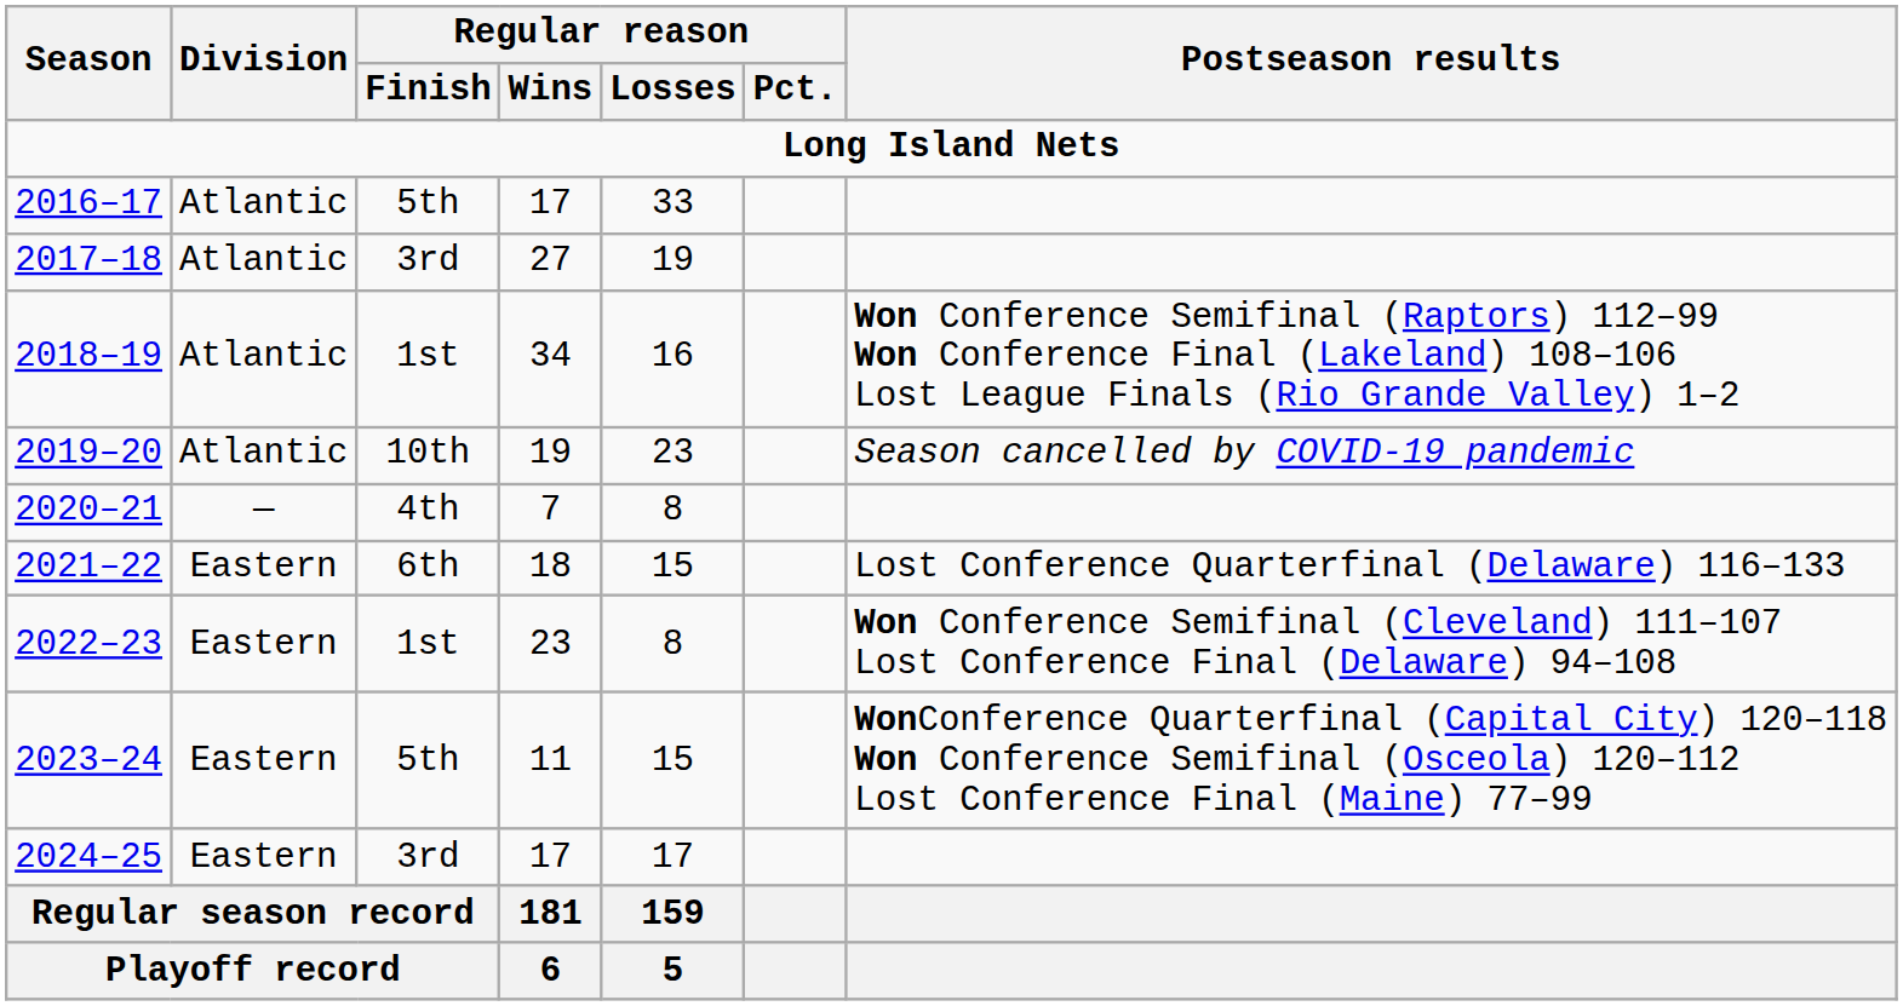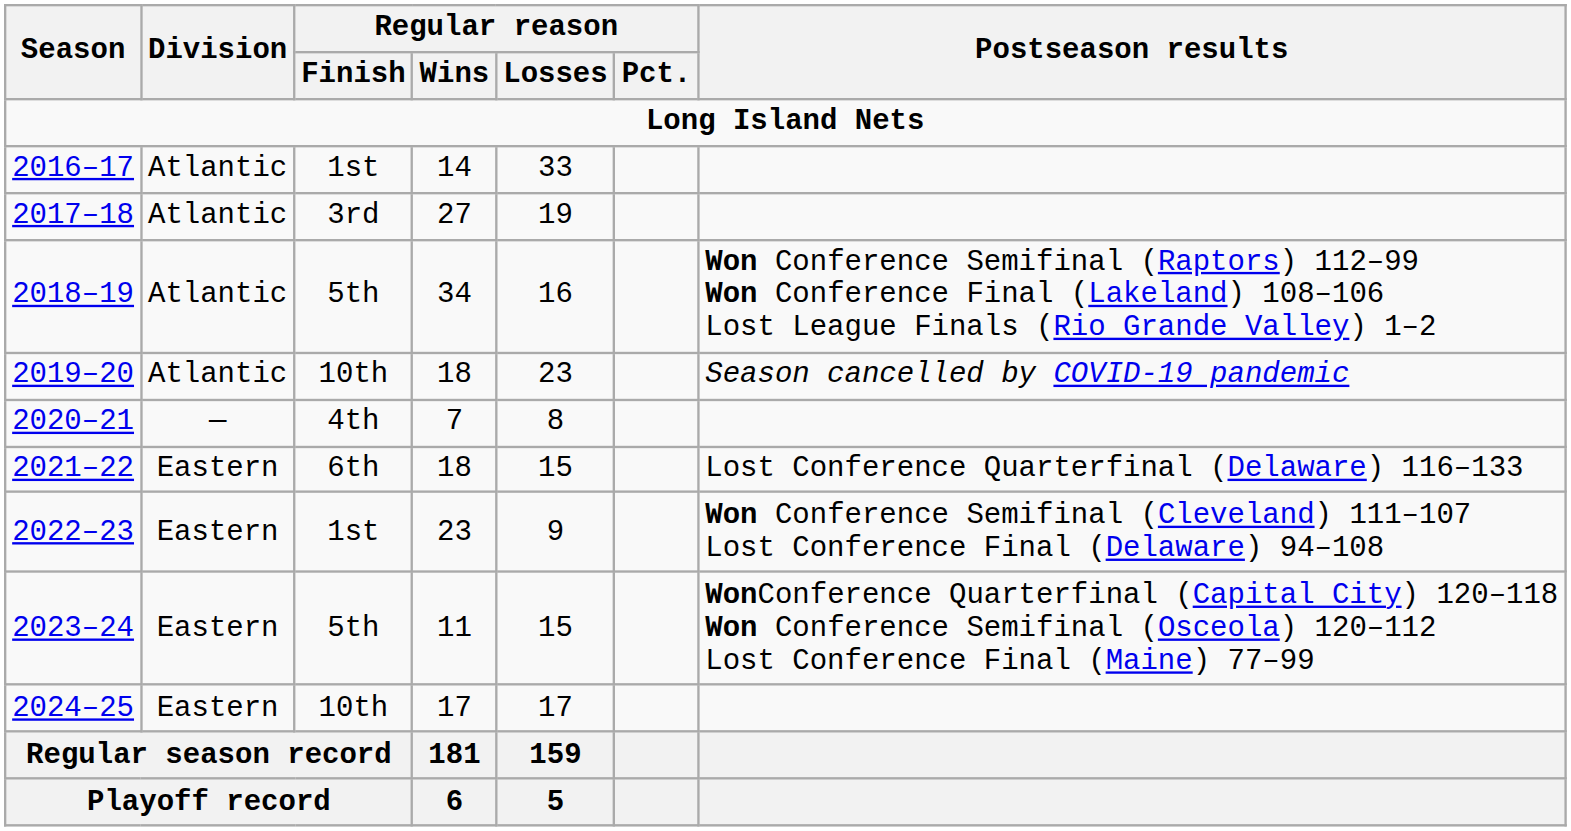 <table class="wikitable" style="font-size:95%; text-align:center">
 <tr>
 <th rowspan=2>Season</th>
 <th rowspan=2>Division</th>
 <th colspan=4>Regular reason</th>
 <th rowspan=2>Postseason results</th>
 </tr>
 <tr>
 <th>Finish</th>
 <th>Wins</th>
 <th>Losses</th>
 <th>Pct.</th>
 </tr>
 <tr>
 <td colspan=10><strong>Long Island Nets</strong></td>
 </tr>
 <tr>
 <td><a href='#'>2016–17</a></td>
 <td>Atlantic</td>
-<td>5th</td>
-<td>17</td>
+<td>1st</td>
+<td>14</td>
 <td>33</td>
 <td></td>
 <td></td>
 </tr>
 <tr>
 <td><a href='#'>2017–18</a></td>
 <td>Atlantic</td>
 <td>3rd</td>
 <td>27</td>
 <td>19</td>
 <td></td>
 <td></td>
 </tr>
 <tr>
 <td><a href='#'>2018–19</a></td>
 <td>Atlantic</td>
-<td>1st</td>
+<td>5th</td>
 <td>34</td>
 <td>16</td>
 <td></td>
 <td align=left><strong>Won</strong> Conference Semifinal (<a href='#'>Raptors</a>) 112–99<br><strong>Won</strong> Conference Final (<a href='#'>Lakeland</a>) 108–106<br>Lost League Finals (<a href='#'>Rio Grande Valley</a>) 1–2</td>
 </tr>
 <tr>
 <td><a href='#'>2019–20</a></td>
 <td>Atlantic</td>
 <td>10th</td>
-<td>19</td>
+<td>18</td>
 <td>23</td>
 <td></td>
 <td align=left><em>Season cancelled by <a href='#'>COVID-19 pandemic</a></em></td>
 </tr>
 <tr>
 <td><a href='#'>2020–21</a></td>
 <td>—</td>
 <td>4th</td>
 <td>7</td>
 <td>8</td>
 <td></td>
 <td align=left></td>
 </tr>
 <tr>
 <td><a href='#'>2021–22</a></td>
 <td>Eastern</td>
 <td>6th</td>
 <td>18</td>
 <td>15</td>
 <td></td>
 <td align=left>Lost Conference Quarterfinal (<a href='#'>Delaware</a>) 116–133</td>
 </tr>
 <tr>
 <td><a href='#'>2022–23</a></td>
 <td>Eastern</td>
 <td>1st</td>
 <td>23</td>
-<td>8</td>
+<td>9</td>
 <td></td>
 <td align=left><strong>Won</strong> Conference Semifinal (<a href='#'>Cleveland</a>) 111–107<br>Lost Conference Final (<a href='#'>Delaware</a>) 94–108</td>
 </tr>
 <tr>
 <td><a href='#'>2023–24</a></td>
 <td>Eastern</td>
 <td>5th</td>
 <td>11</td>
 <td>15</td>
 <td></td>
 <td align=left><strong>Won</strong>Conference Quarterfinal (<a href='#'>Capital City</a>) 120–118<br><strong>Won</strong> Conference Semifinal (<a href='#'>Osceola</a>) 120–112<br>Lost Conference Final (<a href='#'>Maine</a>) 77–99</td>
 </tr>
 <tr>
 <td><a href='#'>2024–25</a></td>
 <td>Eastern</td>
-<td>3rd</td>
+<td>10th</td>
 <td>17</td>
 <td>17</td>
 <td></td>
 <td align=left></td>
 </tr>
 <tr>
 <th colspan=3>Regular season record</th>
 <th>181</th>
 <th>159</th>
 <th></th>
 <th></th>
 </tr>
 <tr>
 <th colspan=3>Playoff record</th>
 <th>6</th>
 <th>5</th>
 <th></th>
 <th></th>
 </tr>
 </table>
